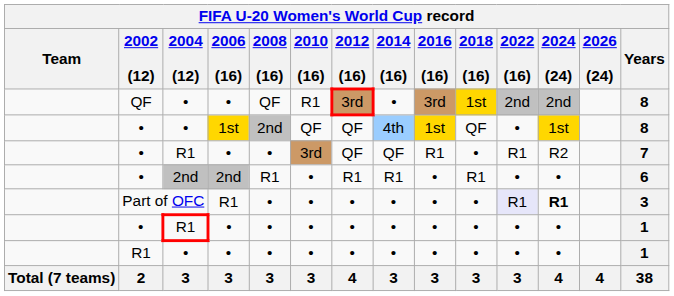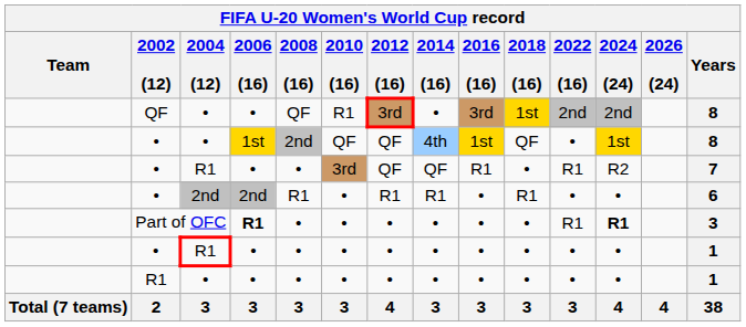 <table class="wikitable">
 <tr style="background:#cccccc;" align=center>
 <th colspan=14><a href='#'>FIFA U-20 Women's World Cup</a> record</th>
 </tr>
 <tr>
 <th>Team</th>
 <th><a href='#'>2002</a><br><br>(12)</th>
 <th><a href='#'>2004</a><br><br>(12)</th>
 <th><a href='#'>2006</a><br><br>(16)</th>
 <th><a href='#'>2008</a><br><br>(16)</th>
 <th><a href='#'>2010</a><br><br>(16)</th>
 <th><a href='#'>2012</a><br><br>(16)</th>
 <th><a href='#'>2014</a><br><br>(16)</th>
 <th><a href='#'>2016</a><br><br>(16)</th>
 <th><a href='#'>2018</a><br><br>(16)</th>
 <th><a href='#'>2022</a><br><br>(16)</th>
 <th><a href='#'>2024</a><br><br>(24)</th>
 <th><a href='#'>2026</a><br><br>(24)</th>
 <th>Years</th>
 </tr>
 <tr align=center>
 <td align=left></td>
 <td>QF</td>
 <td>•</td>
 <td>•</td>
 <td>QF</td>
 <td>R1</td>
 <td style="border: 3px solid red;background:#cc9966">3rd</td>
 <td>•</td>
 <td bgcolor=#cc9966>3rd</td>
 <td bgcolor=gold>1st</td>
 <td bgcolor=silver>2nd</td>
 <td bgcolor=silver>2nd</td>
 <td></td>
 <th>8</th>
 </tr>
 <tr align=center>
 <td align=left></td>
 <td>•</td>
 <td>•</td>
 <td bgcolor=gold>1st</td>
 <td bgcolor=silver>2nd</td>
 <td>QF</td>
 <td>QF</td>
 <td bgcolor=#9acdff>4th</td>
 <td bgcolor=gold>1st</td>
 <td>QF</td>
 <td>•</td>
 <td bgcolor=gold>1st</td>
 <td></td>
 <th>8</th>
 </tr>
 <tr align=center>
 <td align=left></td>
 <td>•</td>
 <td>R1</td>
 <td>•</td>
 <td>•</td>
 <td bgcolor=#cc9966>3rd</td>
 <td>QF</td>
 <td>QF</td>
 <td>R1</td>
 <td>•</td>
 <td>R1</td>
 <td>R2</td>
 <td></td>
 <th>7</th>
 </tr>
 <tr align=center>
 <td align=left></td>
 <td>•</td>
 <td bgcolor=silver>2nd</td>
 <td bgcolor=silver>2nd</td>
 <td>R1</td>
 <td>•</td>
 <td>R1</td>
 <td>R1</td>
 <td>•</td>
 <td>R1</td>
 <td>•</td>
 <td>•</td>
 <td></td>
 <th>6</th>
 </tr>
 <tr align=center>
 <td align=left></td>
 <td colspan=2>Part of <a href='#'>OFC</a></td>
-<td>R1</td>
+<td><strong>R1</strong></td>
 <td>•</td>
 <td>•</td>
 <td>•</td>
 <td>•</td>
 <td>•</td>
 <td>•</td>
-<td style="background: lavender;">R1</td>
+<td>R1</td>
 <td><strong>R1</strong></td>
 <td></td>
 <th>3</th>
 </tr>
 <tr align=center>
 <td align=left></td>
 <td>•</td>
 <td style="border: 3px solid red">R1</td>
 <td>•</td>
 <td>•</td>
 <td>•</td>
 <td>•</td>
 <td>•</td>
 <td>•</td>
 <td>•</td>
 <td>•</td>
 <td>•</td>
 <td></td>
 <th>1</th>
 </tr>
 <tr align=center>
 <td align=left></td>
 <td>R1</td>
 <td>•</td>
 <td>•</td>
 <td>•</td>
 <td>•</td>
 <td>•</td>
 <td>•</td>
 <td>•</td>
 <td>•</td>
 <td>•</td>
 <td>•</td>
 <td></td>
 <th>1</th>
 </tr>
 <tr align=center>
 <th align=left>Total (7 teams)</th>
 <th>2</th>
 <th>3</th>
 <th>3</th>
 <th>3</th>
 <th>3</th>
 <th>4</th>
 <th>3</th>
 <th>3</th>
 <th>3</th>
 <th>3</th>
 <th>4</th>
 <th>4</th>
 <th>38</th>
 </tr>
 </table>
